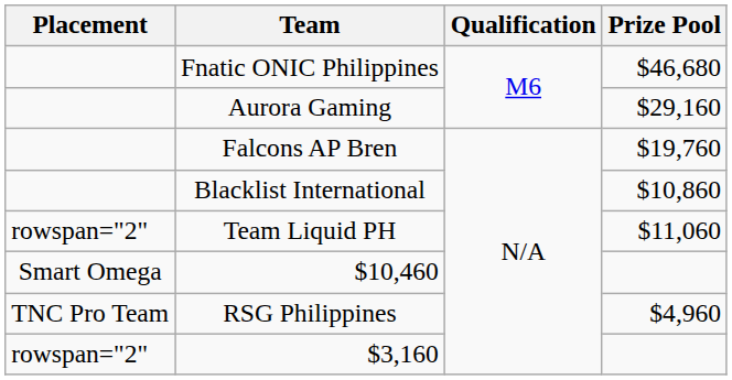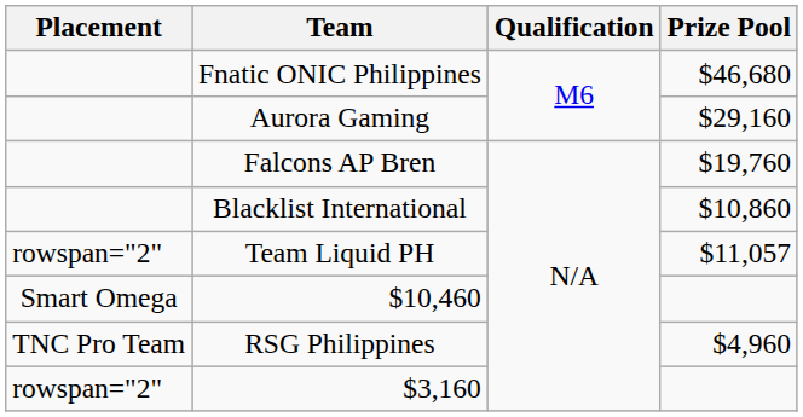 <table class="wikitable">
 <tr>
 <th>Placement</th>
 <th>Team</th>
 <th>Qualification</th>
 <th>Prize Pool</th>
 </tr>
 <tr>
 <td></td>
 <td style="text-align:center;">Fnatic ONIC Philippines</td>
 <td rowspan="2" style="text-align:center;"><a href='#'>M6</a></td>
 <td style="text-align:right;">$46,680</td>
 </tr>
 <tr>
 <td></td>
 <td style="text-align:center;">Aurora Gaming</td>
 <td style="text-align:right;">$29,160</td>
 </tr>
 <tr>
 <td></td>
 <td style="text-align:center;">Falcons AP Bren</td>
 <td rowspan="6" style="text-align:center;">N/A</td>
 <td style="text-align:right;">$19,760</td>
 </tr>
 <tr>
 <td></td>
 <td style="text-align:center;">Blacklist International</td>
 <td style="text-align:right;">$10,860</td>
 </tr>
 <tr>
 <td>rowspan="2" </td>
 <td style="text-align:center;">Team Liquid PH</td>
-<td style="text-align:right;">$11,060</td>
+<td style="text-align:right;">$11,057</td>
 </tr>
 <tr>
 <td style="text-align:center;">Smart Omega</td>
 <td style="text-align:right;">$10,460</td>
 </tr>
 <tr>
 <td style="text-align:center;">TNC Pro Team</td>
 <td style="text-align:center;">RSG Philippines</td>
 <td style="text-align:right;">$4,960</td>
 </tr>
 <tr>
 <td>rowspan="2" </td>
 <td style="text-align:right;">$3,160</td>
 </tr>
 </table>
